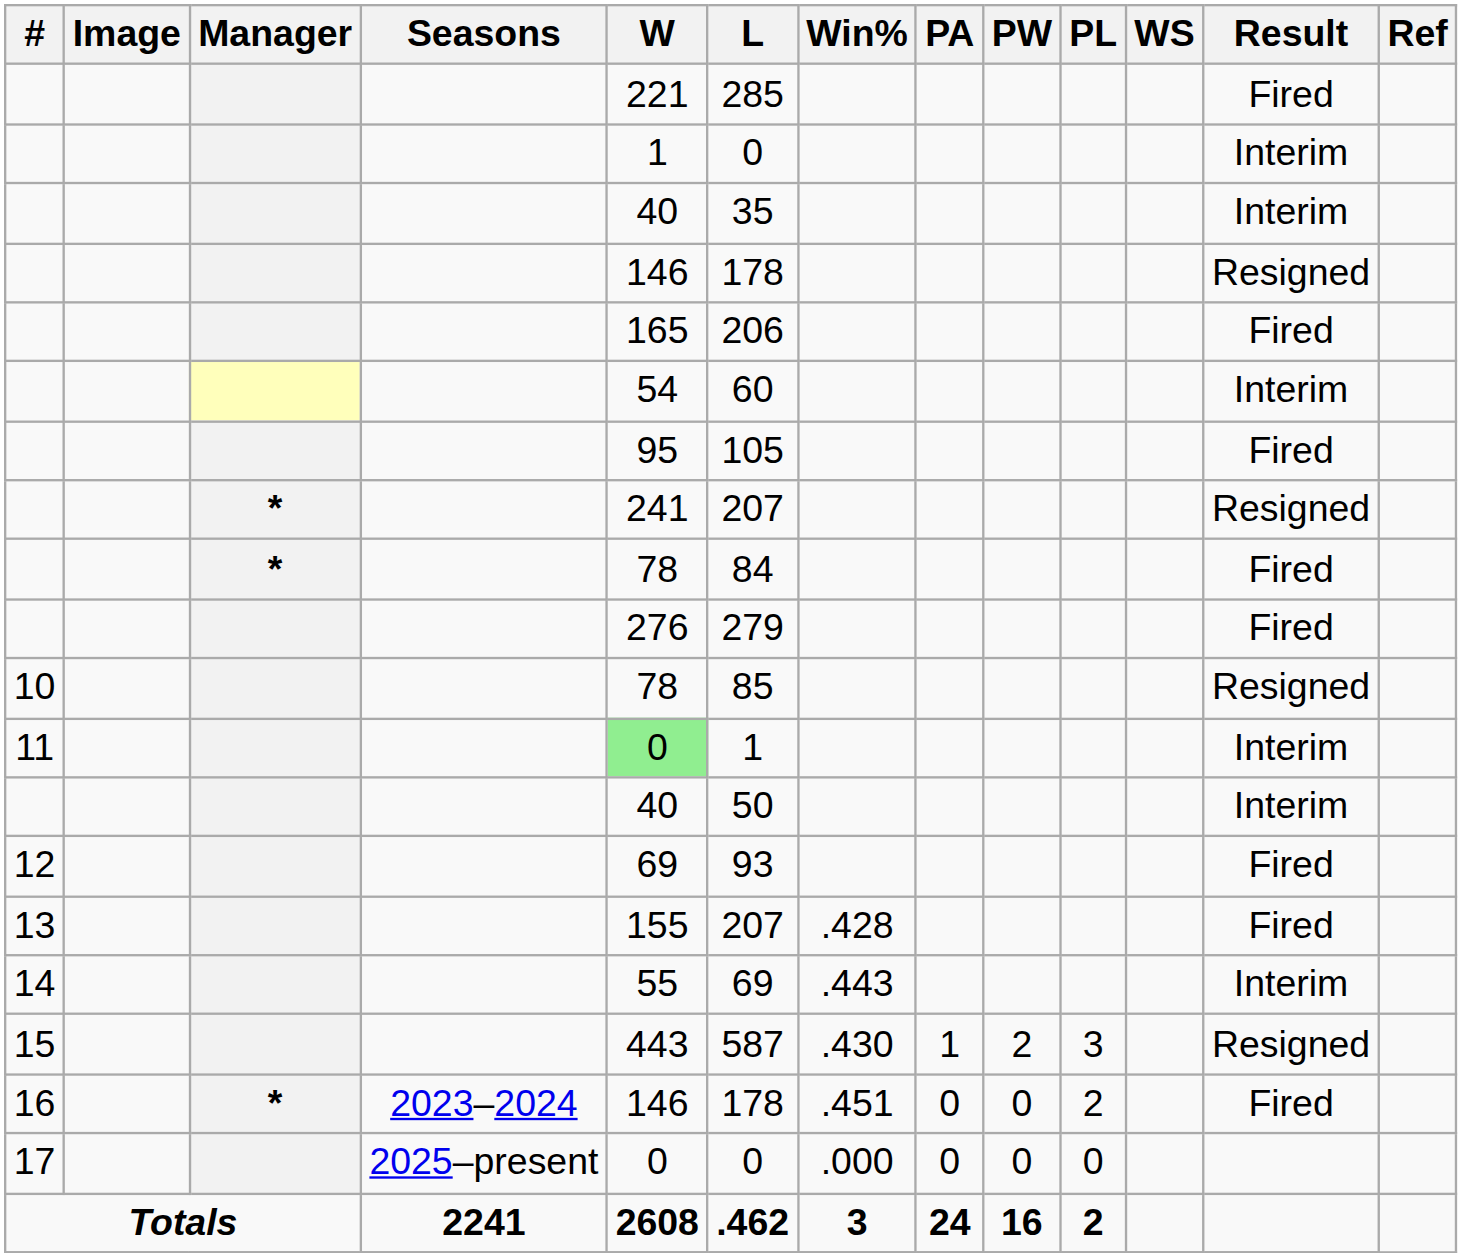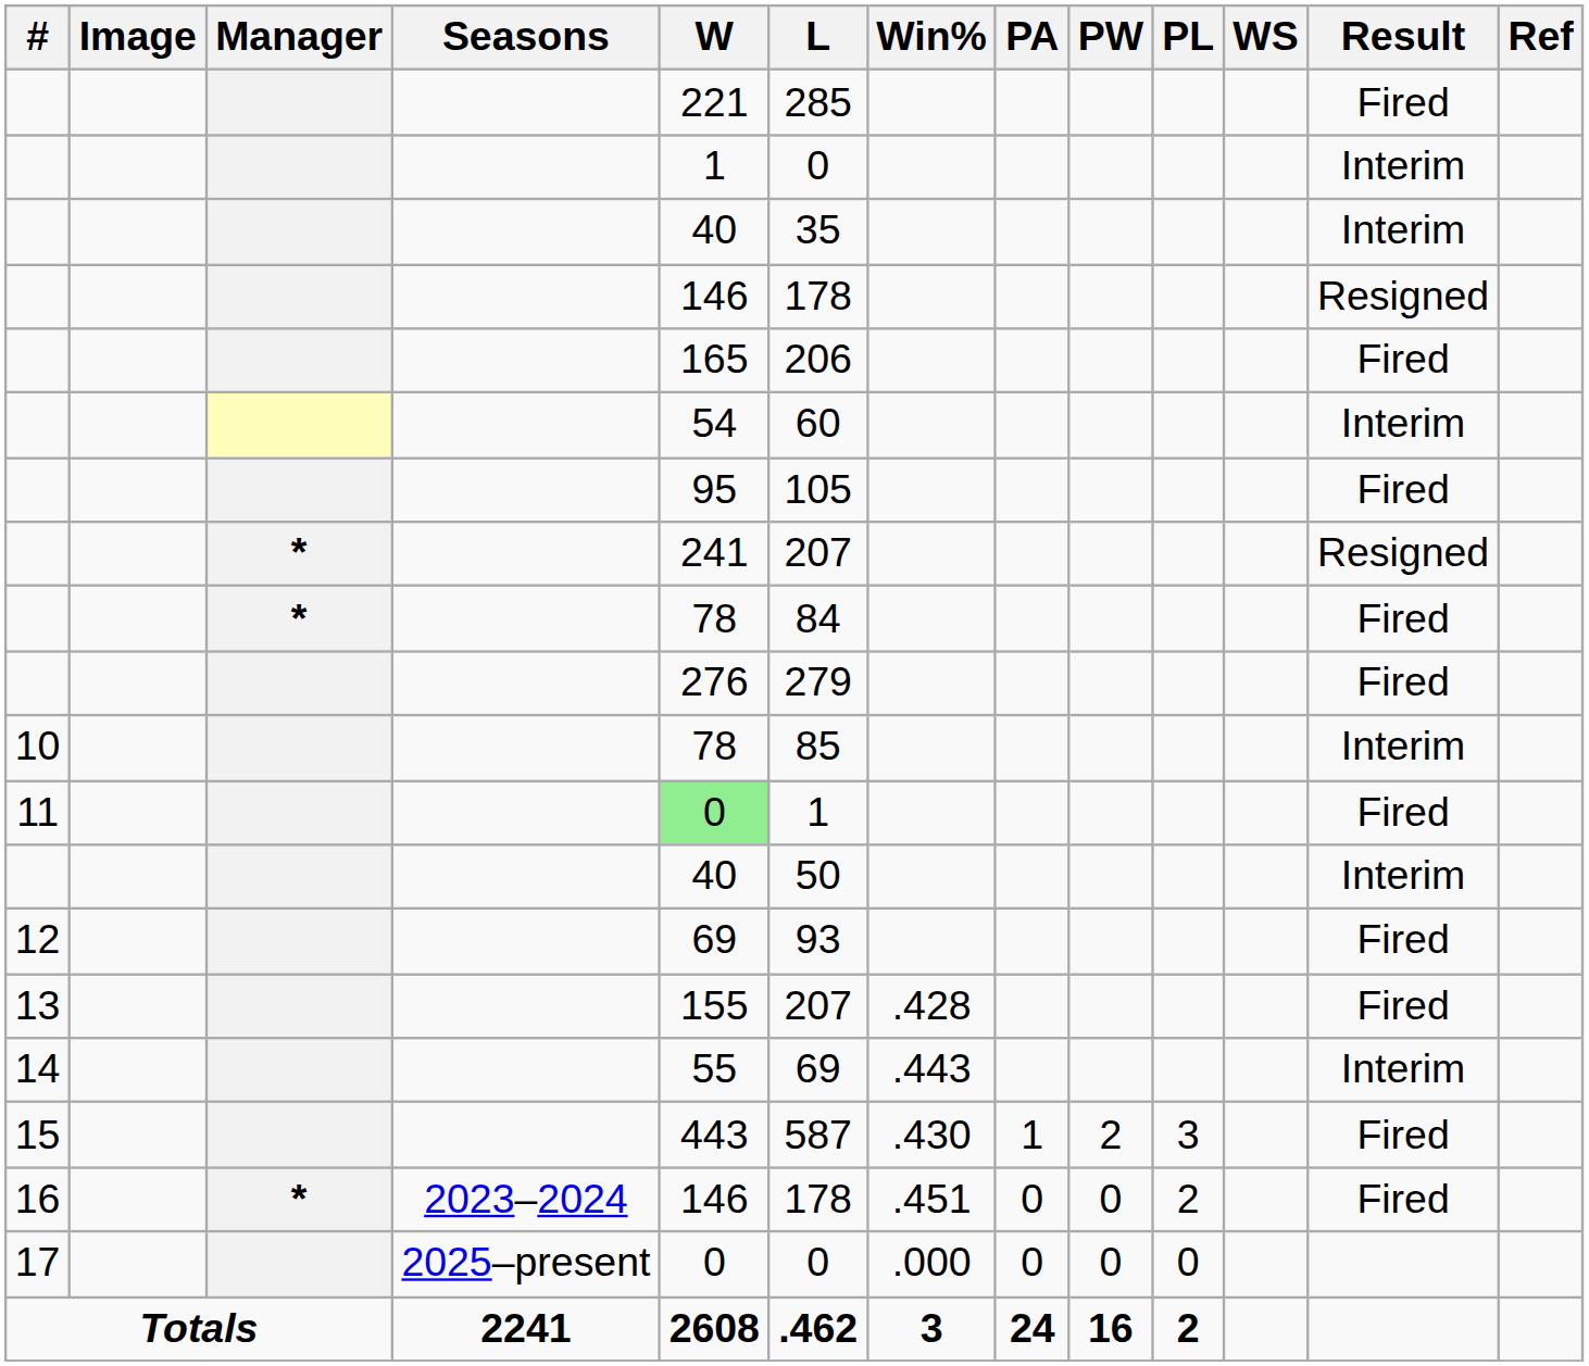 <table class="wikitable sortable plainrowheaders" style="text-align:center">
 <tr>
 <th scope="col">#</th>
 <th scope="col">Image</th>
 <th scope="col">Manager</th>
 <th scope="col">Seasons</th>
 <th scope="col">W</th>
 <th scope="col">L</th>
 <th scope="col">Win%</th>
 <th scope="col">PA</th>
 <th scope="col">PW</th>
 <th scope="col">PL</th>
 <th scope="col">WS</th>
 <th scope="col">Result</th>
 <th scope="col" class="unsortable">Ref</th>
 </tr>
 <tr>
 <td></td>
 <td></td>
 <th scope="col"></th>
 <td></td>
 <td>221</td>
 <td>285</td>
 <td></td>
 <td></td>
 <td></td>
 <td></td>
 <td></td>
 <td>Fired</td>
 <td></td>
 </tr>
 <tr>
 <td></td>
 <td></td>
 <th scope="col"><sup></sup></th>
 <td></td>
 <td>1</td>
 <td>0</td>
 <td></td>
 <td></td>
 <td></td>
 <td></td>
 <td></td>
 <td>Interim</td>
 <td></td>
 </tr>
 <tr>
 <td></td>
 <td></td>
 <th scope="col"><sup></sup></th>
 <td></td>
 <td>40</td>
 <td>35</td>
 <td></td>
 <td></td>
 <td></td>
 <td></td>
 <td></td>
 <td>Interim</td>
 <td></td>
 </tr>
 <tr>
 <td></td>
 <td></td>
 <th scope="col"></th>
 <td></td>
 <td>146</td>
 <td>178</td>
 <td></td>
 <td></td>
 <td></td>
 <td></td>
 <td></td>
 <td>Resigned</td>
 <td></td>
 </tr>
 <tr>
 <td></td>
 <td></td>
 <th scope="col"></th>
 <td></td>
 <td>165</td>
 <td>206</td>
 <td></td>
 <td></td>
 <td></td>
 <td></td>
 <td></td>
 <td>Fired</td>
 <td></td>
 </tr>
 <tr>
 <td></td>
 <td></td>
 <th scope="col" style="background-color:#ffffbb;"><sup></sup></th>
 <td></td>
 <td>54</td>
 <td>60</td>
 <td></td>
 <td></td>
 <td></td>
 <td></td>
 <td></td>
 <td>Interim</td>
 <td></td>
 </tr>
 <tr>
 <td></td>
 <td></td>
 <th scope="col"></th>
 <td></td>
 <td>95</td>
 <td>105</td>
 <td></td>
 <td></td>
 <td></td>
 <td></td>
 <td></td>
 <td>Fired</td>
 <td></td>
 </tr>
 <tr>
 <td></td>
 <td></td>
 <th scope="col">*</th>
 <td></td>
 <td>241</td>
 <td>207</td>
 <td></td>
 <td></td>
 <td></td>
 <td></td>
 <td></td>
 <td>Resigned</td>
 <td></td>
 </tr>
 <tr>
 <td></td>
 <td></td>
 <th scope="col">*</th>
 <td></td>
 <td>78</td>
 <td>84</td>
 <td></td>
 <td></td>
 <td></td>
 <td></td>
 <td></td>
 <td>Fired</td>
 <td></td>
 </tr>
 <tr>
 <td></td>
 <td></td>
 <th scope="col"></th>
 <td></td>
 <td>276</td>
 <td>279</td>
 <td></td>
 <td></td>
 <td></td>
 <td></td>
 <td></td>
 <td>Fired</td>
 <td></td>
 </tr>
 <tr>
 <td>10</td>
 <td></td>
 <th scope="col"></th>
 <td></td>
 <td>78</td>
 <td>85</td>
 <td></td>
 <td></td>
 <td></td>
 <td></td>
 <td></td>
-<td>Resigned</td>
+<td>Interim</td>
 <td></td>
 </tr>
 <tr>
 <td>11</td>
 <td></td>
 <th scope="col"><sup></sup></th>
 <td></td>
 <td style="background: lightgreen;">0</td>
 <td>1</td>
 <td></td>
 <td></td>
 <td></td>
 <td></td>
 <td></td>
-<td>Interim</td>
+<td>Fired</td>
 <td></td>
 </tr>
 <tr>
 <td></td>
 <td></td>
 <th scope="col"></th>
 <td></td>
 <td>40</td>
 <td>50</td>
 <td></td>
 <td></td>
 <td></td>
 <td></td>
 <td></td>
 <td>Interim</td>
 <td></td>
 </tr>
 <tr>
 <td>12</td>
 <td></td>
 <th scope="col"></th>
 <td></td>
 <td>69</td>
 <td>93</td>
 <td></td>
 <td></td>
 <td></td>
 <td></td>
 <td></td>
 <td>Fired</td>
 <td></td>
 </tr>
 <tr>
 <td>13</td>
 <td></td>
 <th scope="col"></th>
 <td></td>
 <td>155</td>
 <td>207</td>
 <td>.428</td>
 <td></td>
 <td></td>
 <td></td>
 <td></td>
 <td>Fired</td>
 <td></td>
 </tr>
 <tr>
 <td>14</td>
 <td></td>
 <th scope="col"></th>
 <td></td>
 <td>55</td>
 <td>69</td>
 <td>.443</td>
 <td></td>
 <td></td>
 <td></td>
 <td></td>
 <td>Interim</td>
 <td></td>
 </tr>
 <tr>
 <td>15</td>
 <td></td>
 <th scope="col"></th>
 <td></td>
 <td>443</td>
 <td>587</td>
 <td>.430</td>
 <td>1</td>
 <td>2</td>
 <td>3</td>
 <td></td>
-<td>Resigned</td>
+<td>Fired</td>
 <td></td>
 </tr>
 <tr>
 <td>16</td>
 <td></td>
 <th scope="col">*</th>
 <td {{sort><a href='#'>2023</a>–<a href='#'>2024</a></td>
 <td>146</td>
 <td>178</td>
 <td>.451</td>
 <td>0</td>
 <td>0</td>
 <td>2</td>
 <td></td>
 <td>Fired</td>
 <td></td>
 </tr>
 <tr>
 <td>17</td>
 <td></td>
 <th scope="col"></th>
 <td {{sort><a href='#'>2025</a>–present</td>
 <td>0</td>
 <td>0</td>
 <td>.000</td>
 <td>0</td>
 <td>0</td>
 <td>0</td>
 <td></td>
 <td></td>
 <td></td>
 </tr>
 <tr class="sortbottom">
 <td colspan="3"><strong><em>Totals</em></strong></td>
 <td><strong>2241</strong></td>
 <td><strong>2608</strong></td>
 <td><strong>.462</strong></td>
 <td><strong>3</strong></td>
 <td><strong>24</strong></td>
 <td><strong>16</strong></td>
 <td><strong>2</strong></td>
 <td></td>
 <td></td>
 </tr>
 <tr class="sortbottom">
 </tr>
 </table>
